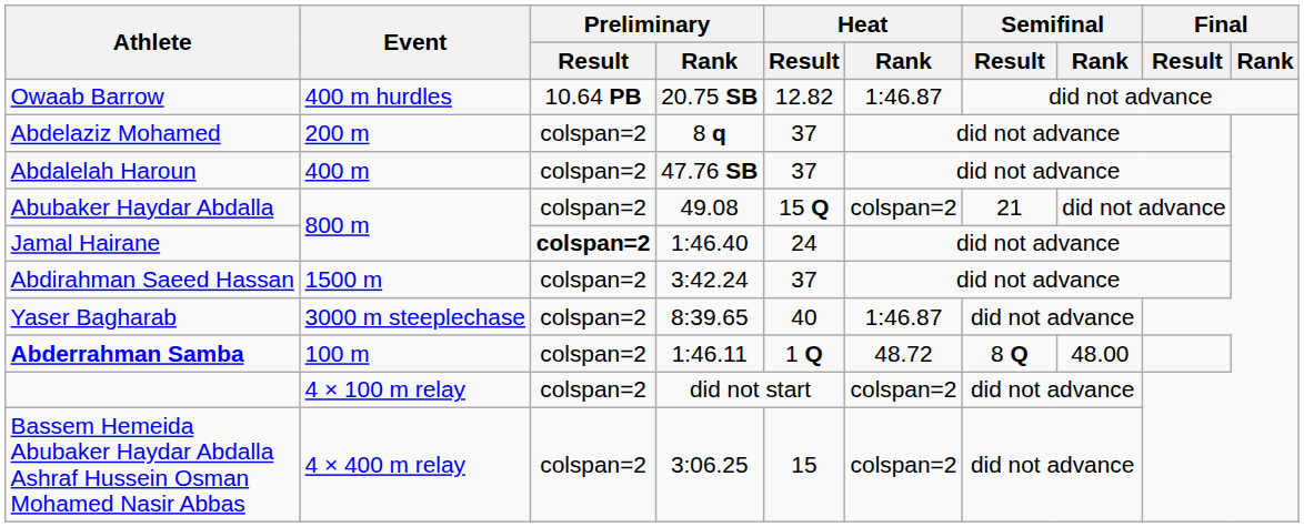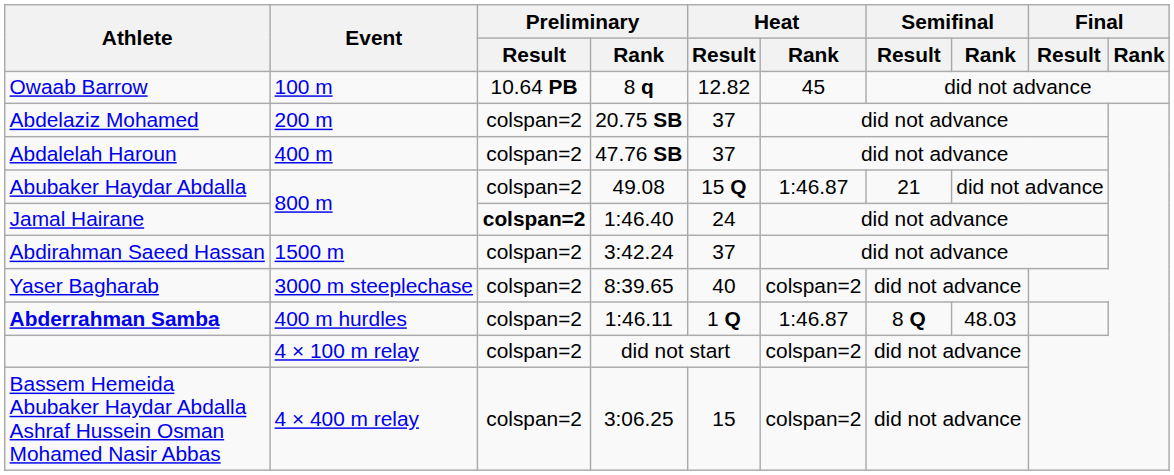 <table class="wikitable"  style=font-size:90%>
 <tr>
 <th rowspan="2">Athlete</th>
 <th rowspan="2">Event</th>
 <th colspan="2">Preliminary</th>
 <th colspan="2">Heat</th>
 <th colspan="2">Semifinal</th>
 <th colspan="2">Final</th>
 </tr>
 <tr>
 <th>Result</th>
 <th>Rank</th>
 <th>Result</th>
 <th>Rank</th>
 <th>Result</th>
 <th>Rank</th>
 <th>Result</th>
 <th>Rank</th>
 </tr>
 <tr style=text-align:center>
 <td style=text-align:left><a href='#'>Owaab Barrow</a></td>
-<td style=text-align:left><a href='#'>400 m hurdles</a></td>
+<td style=text-align:left><a href='#'>100 m</a></td>
 <td>10.64 <strong>PB</strong></td>
-<td>20.75 <strong>SB</strong></td>
+<td>8 <strong>q</strong></td>
 <td>12.82</td>
-<td>1:46.87</td>
+<td>45</td>
 <td colspan=4>did not advance</td>
 </tr>
 <tr style=text-align:center>
 <td style=text-align:left><a href='#'>Abdelaziz Mohamed</a></td>
 <td style=text-align:left><a href='#'>200 m</a></td>
 <td>colspan=2</td>
-<td>8 <strong>q</strong></td>
+<td>20.75 <strong>SB</strong></td>
 <td>37</td>
 <td colspan=4>did not advance</td>
 </tr>
 <tr style=text-align:center>
 <td style=text-align:left><a href='#'>Abdalelah Haroun</a></td>
 <td style=text-align:left><a href='#'>400 m</a></td>
 <td>colspan=2</td>
 <td>47.76 <strong>SB</strong></td>
 <td>37</td>
 <td colspan=4>did not advance</td>
 </tr>
 <tr style=text-align:center>
 <td style=text-align:left><a href='#'>Abubaker Haydar Abdalla</a></td>
 <td style=text-align:left rowspan=2><a href='#'>800 m</a></td>
 <td>colspan=2</td>
 <td>49.08</td>
 <td>15 <strong>Q</strong></td>
-<td>colspan=2</td>
+<td>1:46.87</td>
 <td>21</td>
 <td colspan=2>did not advance</td>
 </tr>
 <tr style=text-align:center>
 <td style=text-align:left><a href='#'>Jamal Hairane</a></td>
 <td><strong>colspan=2</strong></td>
 <td>1:46.40</td>
 <td>24</td>
 <td colspan=4>did not advance</td>
 </tr>
 <tr style=text-align:center>
 <td style=text-align:left><a href='#'>Abdirahman Saeed Hassan</a></td>
 <td style=text-align:left><a href='#'>1500 m</a></td>
 <td>colspan=2</td>
 <td>3:42.24</td>
 <td>37</td>
 <td colspan=4>did not advance</td>
 </tr>
 <tr style=text-align:center>
 <td style=text-align:left><a href='#'>Yaser Bagharab</a></td>
 <td style=text-align:left><a href='#'>3000 m steeplechase</a></td>
 <td>colspan=2</td>
 <td>8:39.65</td>
 <td>40</td>
-<td>1:46.87</td>
+<td>colspan=2</td>
 <td colspan=2>did not advance</td>
 </tr>
 <tr style=text-align:center>
 <td style=text-align:left><strong><a href='#'>Abderrahman Samba</a></strong></td>
-<td style=text-align:left><a href='#'>100 m</a></td>
+<td style=text-align:left><a href='#'>400 m hurdles</a></td>
 <td>colspan=2</td>
 <td>1:46.11</td>
 <td>1 <strong>Q</strong></td>
-<td>48.72</td>
+<td>1:46.87</td>
 <td>8 <strong>Q</strong></td>
-<td>48.00</td>
+<td>48.03</td>
 <td></td>
 </tr>
 <tr style=text-align:center>
 <td style=text-align:left></td>
 <td style=text-align:left><a href='#'>4 × 100 m relay</a></td>
 <td>colspan=2</td>
 <td colspan=2>did not start</td>
 <td>colspan=2</td>
 <td colspan=2>did not advance</td>
 </tr>
 <tr style=text-align:center>
 <td style=text-align:left><a href='#'>Bassem Hemeida</a><br><a href='#'>Abubaker Haydar Abdalla</a><br> <a href='#'>Ashraf Hussein Osman</a><br> <a href='#'>Mohamed Nasir Abbas</a></td>
 <td style=text-align:left><a href='#'>4 × 400 m relay</a></td>
 <td>colspan=2</td>
 <td>3:06.25</td>
 <td>15</td>
 <td>colspan=2</td>
 <td colspan=2>did not advance</td>
 </tr>
 </table>
